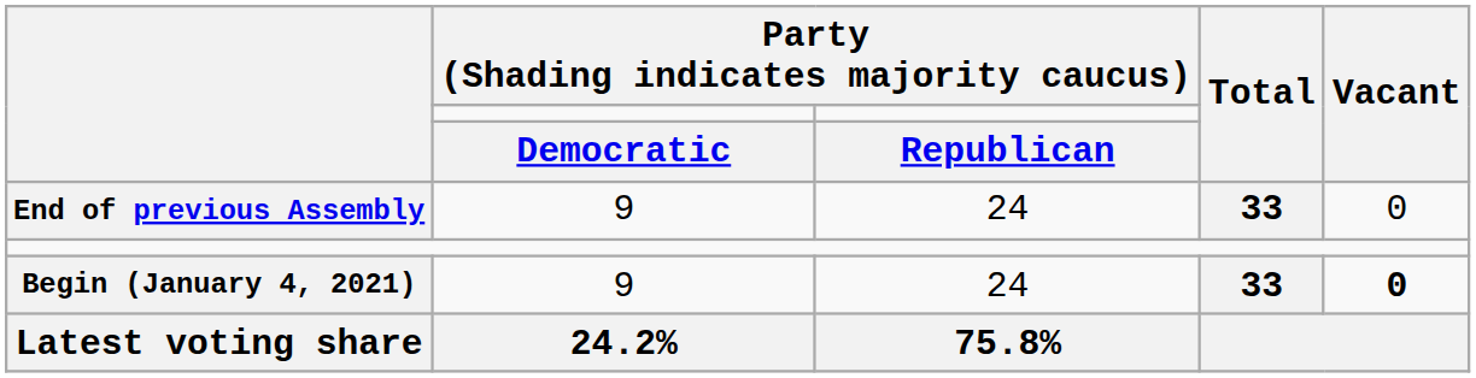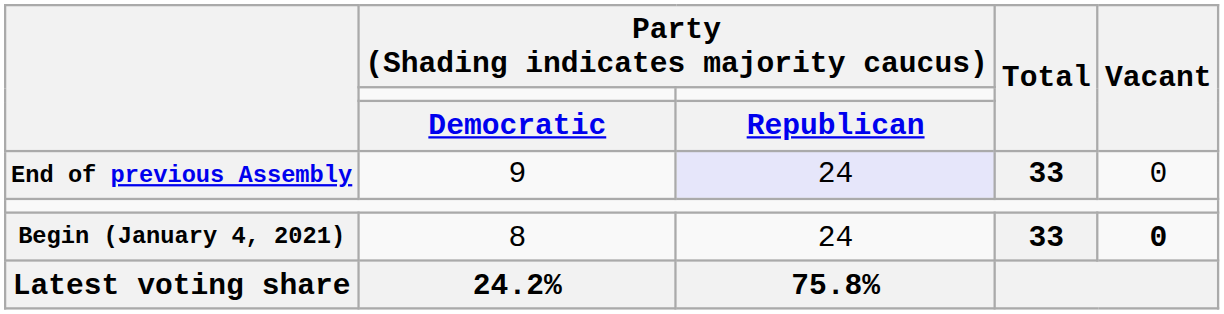 <table class="wikitable" style="text-align:center">
 <tr>
 <th rowspan="3"></th>
 <th colspan="2">Party <div>(Shading indicates majority caucus)</div></th>
 <th rowspan="3">Total</th>
 <th rowspan="3">Vacant</th>
 </tr>
 <tr style="height:5px">
 <td style="background-color:"></td>
 <td style="background-color:"></td>
 </tr>
 <tr>
 <th><a href='#'>Democratic</a></th>
 <th><a href='#'>Republican</a></th>
 </tr>
 <tr>
 <th nowrap="" style="font-size:80%">End of <a href='#'>previous Assembly</a></th>
 <td>9</td>
-<td>24</td>
+<td style="background: lavender;">24</td>
 <th>33</th>
 <td>0</td>
 </tr>
 <tr>
 <td colspan="5"></td>
 </tr>
 <tr>
 <th nowrap="" style="font-size:80%">Begin (January 4, 2021)</th>
-<td>9</td>
+<td>8</td>
 <td>24</td>
 <th>33</th>
 <td><strong>0</strong></td>
 </tr>
 <tr>
 <th>Latest voting share</th>
 <th>24.2%</th>
 <th>75.8%</th>
 <th colspan="2"></th>
 </tr>
 </table>
